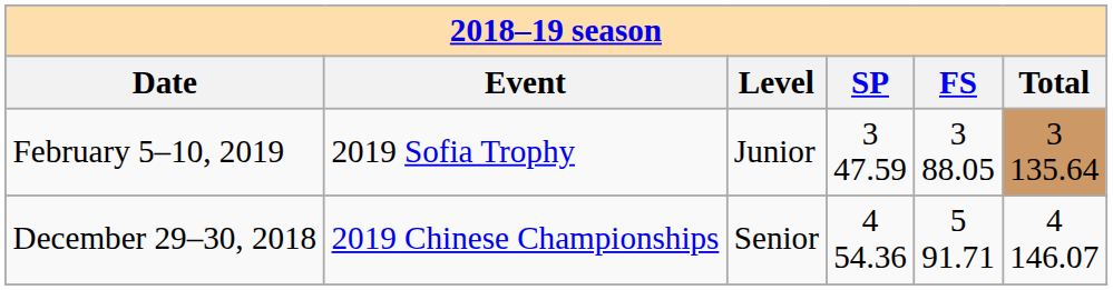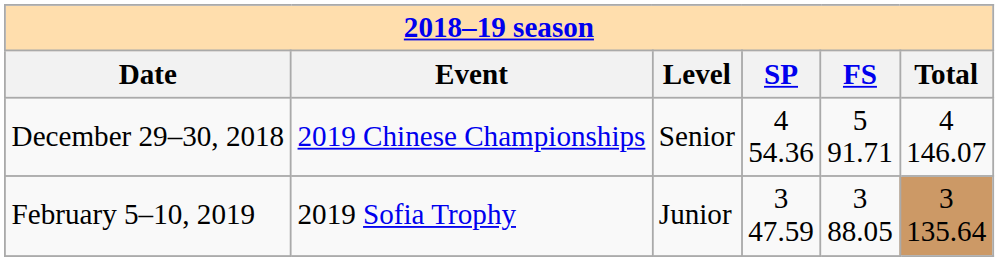 <table class="wikitable">
 <tr>
 <th colspan=6 style="background:#ffdead;"><a href='#'>2018–19 season</a></th>
 </tr>
 <tr>
 <th>Date</th>
 <th>Event</th>
 <th>Level</th>
 <th><a href='#'>SP</a></th>
 <th><a href='#'>FS</a></th>
 <th>Total</th>
 </tr>
 <tr>
+<td>December 29–30, 2018</td>
+<td><a href='#'>2019 Chinese Championships</a></td>
+<td>Senior</td>
+<td align=center>4 <br> 54.36</td>
+<td align=center>5 <br> 91.71</td>
+<td align=center>4 <br> 146.07</td>
+</tr>
+<tr>
 <td>February 5–10, 2019</td>
 <td>2019 <a href='#'>Sofia Trophy</a></td>
 <td>Junior</td>
 <td align=center>3 <br> 47.59</td>
 <td align=center>3 <br> 88.05</td>
 <td style="text-align:center; background:#c96;">3 <br> 135.64</td>
 </tr>
-<tr>
-<td>December 29–30, 2018</td>
-<td><a href='#'>2019 Chinese Championships</a></td>
-<td>Senior</td>
-<td align=center>4 <br> 54.36</td>
-<td align=center>5 <br> 91.71</td>
-<td align=center>4 <br> 146.07</td>
-</tr>
 </table>
